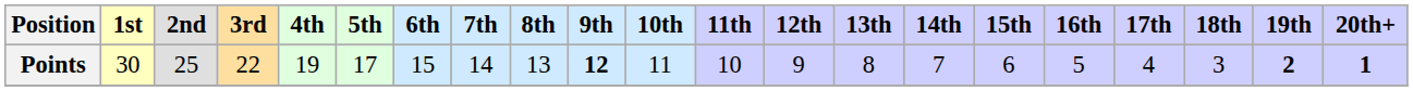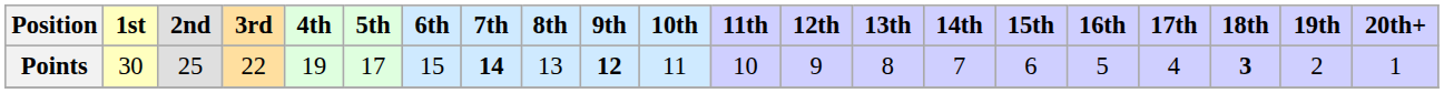 <table class="wikitable" style="font-size:85%; text-align:center">
 <tr>
 <th>Position</th>
 <td style="background:#FFFFBF;"> <strong>1st</strong> </td>
 <td style="background:#DFDFDF;"> <strong>2nd</strong> </td>
 <td style="background:#FFDF9F;"> <strong>3rd</strong> </td>
 <td style="background:#DFFFDF;"> <strong>4th</strong> </td>
 <td style="background:#DFFFDF;"> <strong>5th</strong> </td>
 <td style="background:#CFEAFF;"> <strong>6th</strong> </td>
 <td style="background:#CFEAFF;"> <strong>7th</strong> </td>
 <td style="background:#CFEAFF;"> <strong>8th</strong> </td>
 <td style="background:#CFEAFF;"> <strong>9th</strong> </td>
 <td style="background:#CFEAFF;"> <strong>10th</strong> </td>
 <td style="background:#CFCFFF;"> <strong>11th</strong> </td>
 <td style="background:#CFCFFF;"> <strong>12th</strong> </td>
 <td style="background:#CFCFFF;"> <strong>13th</strong> </td>
 <td style="background:#CFCFFF;"> <strong>14th</strong> </td>
 <td style="background:#CFCFFF;"> <strong>15th</strong> </td>
 <td style="background:#CFCFFF;"> <strong>16th</strong> </td>
 <td style="background:#CFCFFF;"> <strong>17th</strong> </td>
 <td style="background:#CFCFFF;"> <strong>18th</strong> </td>
 <td style="background:#CFCFFF;"> <strong>19th</strong> </td>
 <td style="background:#CFCFFF;"> <strong>20th+</strong> </td>
 </tr>
 <tr>
 <th>Points</th>
 <td style="background:#FFFFBF;">30</td>
 <td style="background:#DFDFDF;">25</td>
 <td style="background:#FFDF9F;">22</td>
 <td style="background:#DFFFDF;">19</td>
 <td style="background:#DFFFDF;">17</td>
 <td style="background:#CFEAFF;">15</td>
-<td style="background:#CFEAFF;">14</td>
+<td style="background:#CFEAFF;"><strong>14</strong></td>
 <td style="background:#CFEAFF;">13</td>
 <td style="background:#CFEAFF;"><strong>12</strong></td>
 <td style="background:#CFEAFF;">11</td>
 <td style="background:#CFCFFF;">10</td>
 <td style="background:#CFCFFF;">9</td>
 <td style="background:#CFCFFF;">8</td>
 <td style="background:#CFCFFF;">7</td>
 <td style="background:#CFCFFF;">6</td>
 <td style="background:#CFCFFF;">5</td>
 <td style="background:#CFCFFF;">4</td>
-<td style="background:#CFCFFF;">3</td>
-<td style="background:#CFCFFF;"><strong>2</strong></td>
-<td style="background:#CFCFFF;"><strong>1</strong></td>
+<td style="background:#CFCFFF;"><strong>3</strong></td>
+<td style="background:#CFCFFF;">2</td>
+<td style="background:#CFCFFF;">1</td>
 </tr>
 <tr>
 </tr>
 </table>
